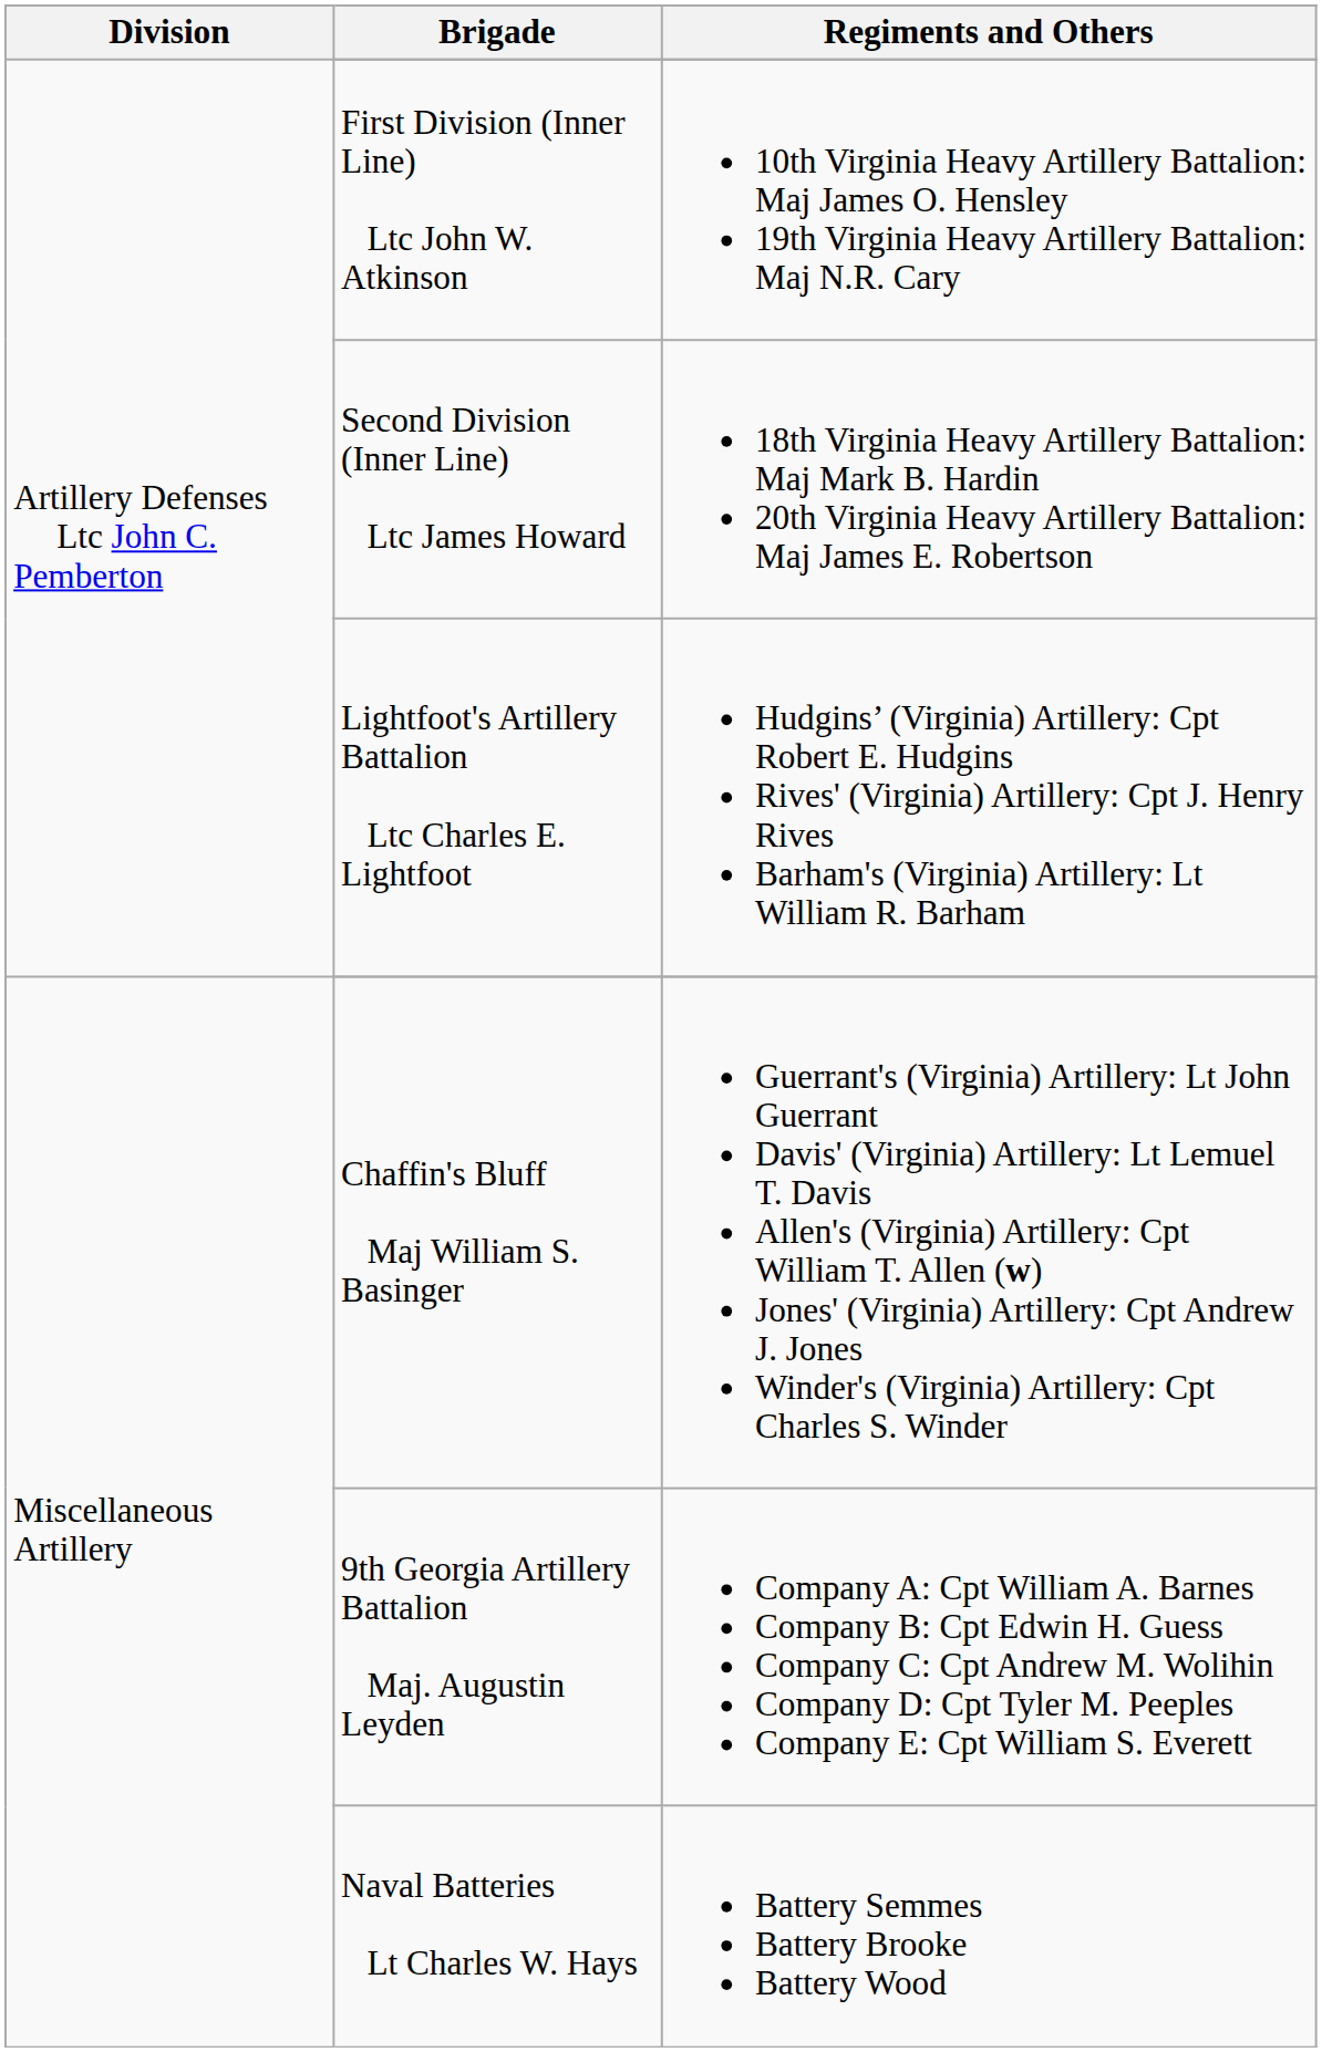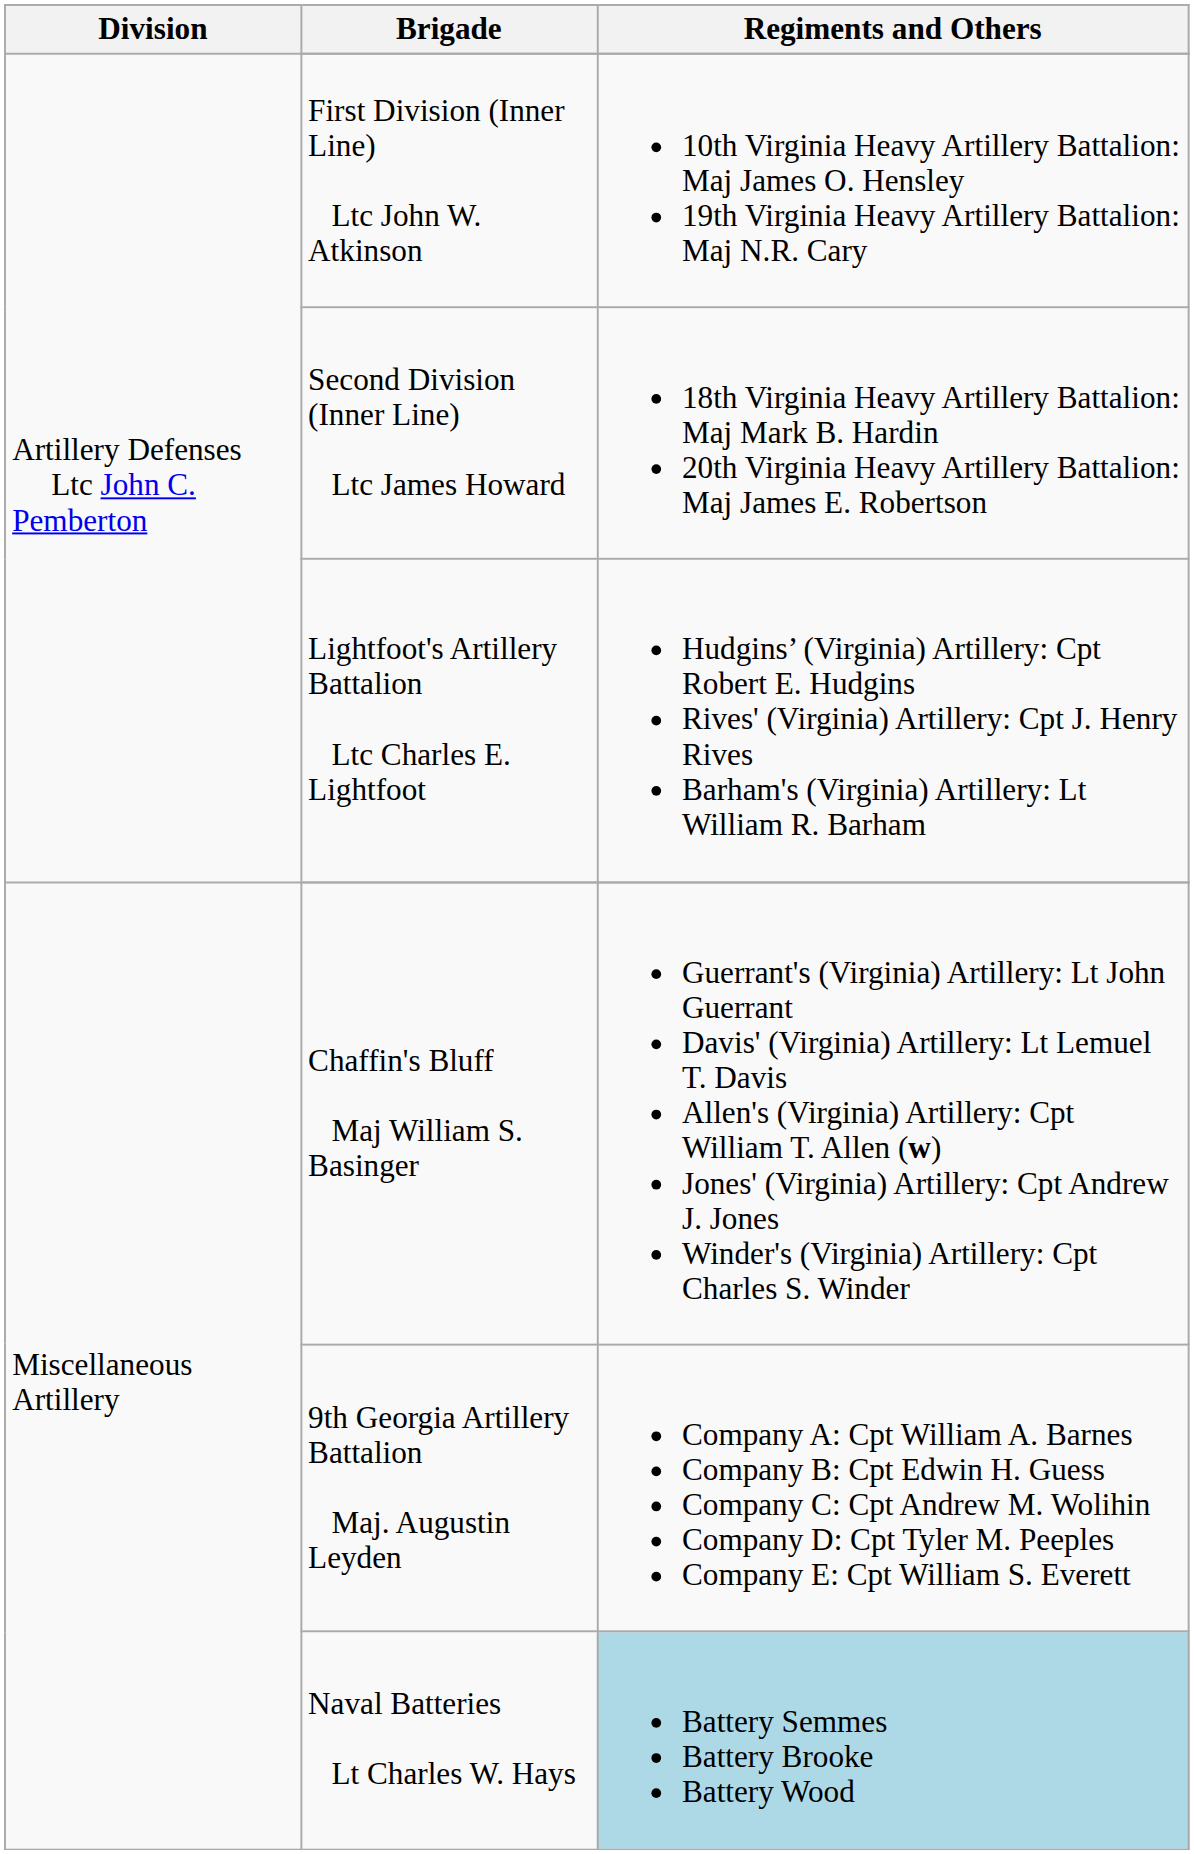 <table class="wikitable">
 <tr>
 <th width=25%>Division</th>
 <th width=25%>Brigade</th>
 <th>Regiments and Others</th>
 </tr>
 <tr>
 <td rowspan=4><br>Artillery Defenses <br>     Ltc <a href='#'>John C. Pemberton</a></td>
 </tr>
 <tr>
 <td>First Division (Inner Line)<br><br>   Ltc John W. Atkinson</td>
 <td><br><ul><li>10th Virginia Heavy Artillery Battalion: Maj James O. Hensley</li><li>19th Virginia Heavy Artillery Battalion: Maj N.R. Cary</li></ul></td>
 </tr>
 <tr>
 <td>Second Division (Inner Line)<br><br>   Ltc James Howard</td>
 <td><br><ul><li>18th Virginia Heavy Artillery Battalion: Maj Mark B. Hardin</li><li>20th Virginia Heavy Artillery Battalion: Maj James E. Robertson</li></ul></td>
 </tr>
 <tr>
 <td>Lightfoot's Artillery Battalion<br><br>   Ltc Charles E. Lightfoot</td>
 <td><br><ul><li>Hudgins’ (Virginia) Artillery: Cpt Robert E. Hudgins</li><li>Rives' (Virginia) Artillery: Cpt J. Henry Rives</li><li>Barham's (Virginia) Artillery: Lt William R. Barham</li></ul></td>
 </tr>
 <tr>
 <td rowspan=4><br>Miscellaneous Artillery</td>
 </tr>
 <tr>
 <td>Chaffin's Bluff<br><br>   Maj William S. Basinger</td>
 <td><br><ul><li>Guerrant's (Virginia) Artillery: Lt John Guerrant</li><li>Davis' (Virginia) Artillery: Lt Lemuel T. Davis</li><li>Allen's (Virginia) Artillery: Cpt William T. Allen (<strong>w</strong>)</li><li>Jones' (Virginia) Artillery: Cpt Andrew J. Jones</li><li>Winder's (Virginia) Artillery: Cpt Charles S. Winder</li></ul></td>
 </tr>
 <tr>
 <td>9th Georgia Artillery Battalion<br><br>   Maj. Augustin Leyden</td>
 <td><br><ul><li>Company A: Cpt William A. Barnes</li><li>Company B: Cpt Edwin H. Guess</li><li>Company C: Cpt Andrew M. Wolihin</li><li>Company D: Cpt Tyler M. Peeples</li><li>Company E: Cpt William S. Everett</li></ul></td>
 </tr>
 <tr>
 <td>Naval Batteries<br><br>   Lt Charles W. Hays</td>
-<td><br><ul><li>Battery Semmes</li><li>Battery Brooke</li><li>Battery Wood</li></ul></td>
+<td style="background: lightblue;"><br><ul><li>Battery Semmes</li><li>Battery Brooke</li><li>Battery Wood</li></ul></td>
 </tr>
 </table>
